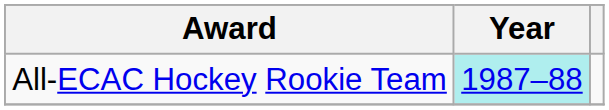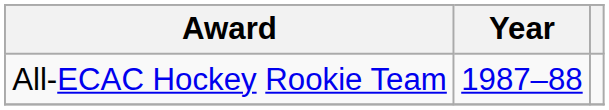 <table class="wikitable">
 <tr>
 <th>Award</th>
 <th>Year</th>
 <th></th>
 </tr>
 <tr>
 <td>All-<a href='#'>ECAC Hockey</a> <a href='#'>Rookie Team</a></td>
-<td style="background: paleturquoise;"><a href='#'>1987–88</a></td>
+<td><a href='#'>1987–88</a></td>
 <td></td>
 </tr>
 <tr>
 </tr>
 </table>
